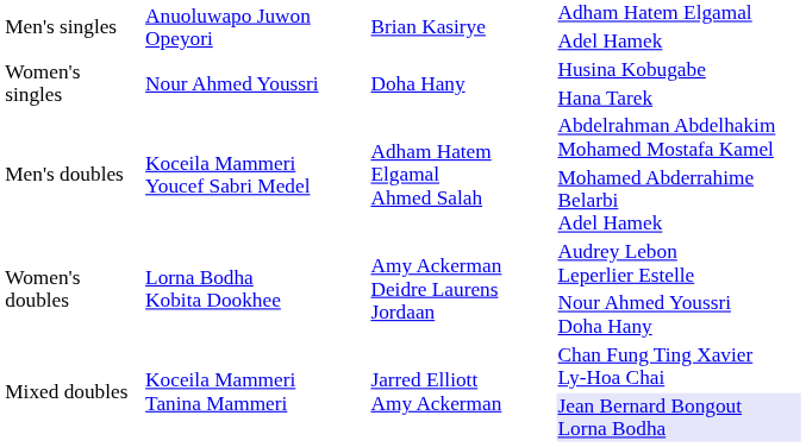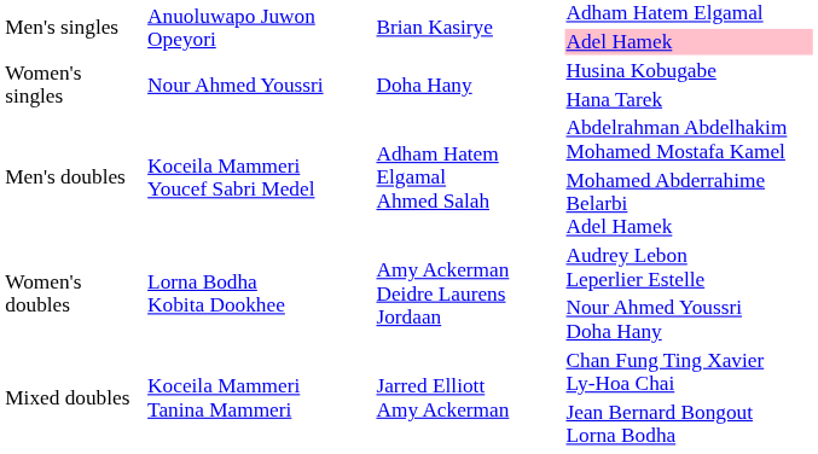 <table>
 <tr>
 <td rowspan=2>Men's singles</td>
 <td rowspan=2> <a href='#'>Anuoluwapo Juwon Opeyori</a></td>
 <td rowspan=2> <a href='#'>Brian Kasirye</a></td>
 <td> <a href='#'>Adham Hatem Elgamal</a></td>
 </tr>
 <tr>
-<td> <a href='#'>Adel Hamek</a></td>
+<td style="background: pink;"> <a href='#'>Adel Hamek</a></td>
 </tr>
 <tr>
 <td rowspan=2>Women's singles</td>
 <td rowspan=2> <a href='#'>Nour Ahmed Youssri</a></td>
 <td rowspan=2> <a href='#'>Doha Hany</a></td>
 <td> <a href='#'>Husina Kobugabe</a></td>
 </tr>
 <tr>
 <td> <a href='#'>Hana Tarek</a></td>
 </tr>
 <tr>
 <td rowspan=2>Men's doubles</td>
 <td rowspan=2> <a href='#'>Koceila Mammeri</a><br> <a href='#'>Youcef Sabri Medel</a></td>
 <td rowspan=2> <a href='#'>Adham Hatem Elgamal</a> <br>  <a href='#'>Ahmed Salah</a></td>
 <td> <a href='#'>Abdelrahman Abdelhakim</a> <br> <a href='#'>Mohamed Mostafa Kamel</a></td>
 </tr>
 <tr>
 <td> <a href='#'>Mohamed Abderrahime Belarbi</a> <br> <a href='#'>Adel Hamek</a></td>
 </tr>
 <tr>
 <td rowspan=2>Women's doubles</td>
 <td rowspan=2> <a href='#'>Lorna Bodha</a> <br> <a href='#'>Kobita Dookhee</a></td>
 <td rowspan=2> <a href='#'>Amy Ackerman</a> <br> <a href='#'>Deidre Laurens Jordaan</a></td>
 <td> <a href='#'>Audrey Lebon</a> <br> <a href='#'>Leperlier Estelle</a></td>
 </tr>
 <tr>
 <td> <a href='#'>Nour Ahmed Youssri</a> <br> <a href='#'>Doha Hany</a></td>
 </tr>
 <tr>
 <td rowspan=2>Mixed doubles</td>
 <td rowspan=2> <a href='#'>Koceila Mammeri</a> <br>  <a href='#'>Tanina Mammeri</a></td>
 <td rowspan=2> <a href='#'>Jarred Elliott</a> <br> <a href='#'>Amy Ackerman</a></td>
 <td> <a href='#'>Chan Fung Ting Xavier</a> <br> <a href='#'>Ly-Hoa Chai</a></td>
 </tr>
 <tr>
-<td style="background: lavender;"> <a href='#'>Jean Bernard Bongout</a> <br> <a href='#'>Lorna Bodha</a></td>
+<td> <a href='#'>Jean Bernard Bongout</a> <br> <a href='#'>Lorna Bodha</a></td>
 </tr>
 </table>
